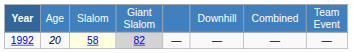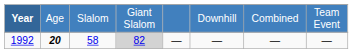 <table class="wikitable" style="font-size:95%; text-align:center; border:grey solid 1px; border-collapse:collapse;" width="40%">
 <tr style="background-color:#369; color:white;">
 <td rowspan="2" colspan="1" width="4%"><strong>Year</strong></td>
 </tr>
 <tr style="background-color:#4180be; color:white;">
 <td width="3%">Age</td>
 <td width="5%">Slalom</td>
 <td width="5%">Giant<br>Slalom</td>
 <td width="5%"></td>
 <td width="5%">Downhill</td>
 <td width="5%">Combined</td>
 <td width="5%">Team Event</td>
 </tr>
 <tr style="background-color:#8CB2D8; color:white;">
 </tr>
 <tr>
 <td><a href='#'>1992</a></td>
-<td><em>20</em></td>
-<td style="background: lightyellow;"><a href='#'>58</a></td>
+<td><strong><em>20</em></strong></td>
+<td><a href='#'>58</a></td>
 <td style="background: lightgrey;"><a href='#'>82</a></td>
 <td>—</td>
 <td>—</td>
 <td>—</td>
 <td>—</td>
 </tr>
 </table>
